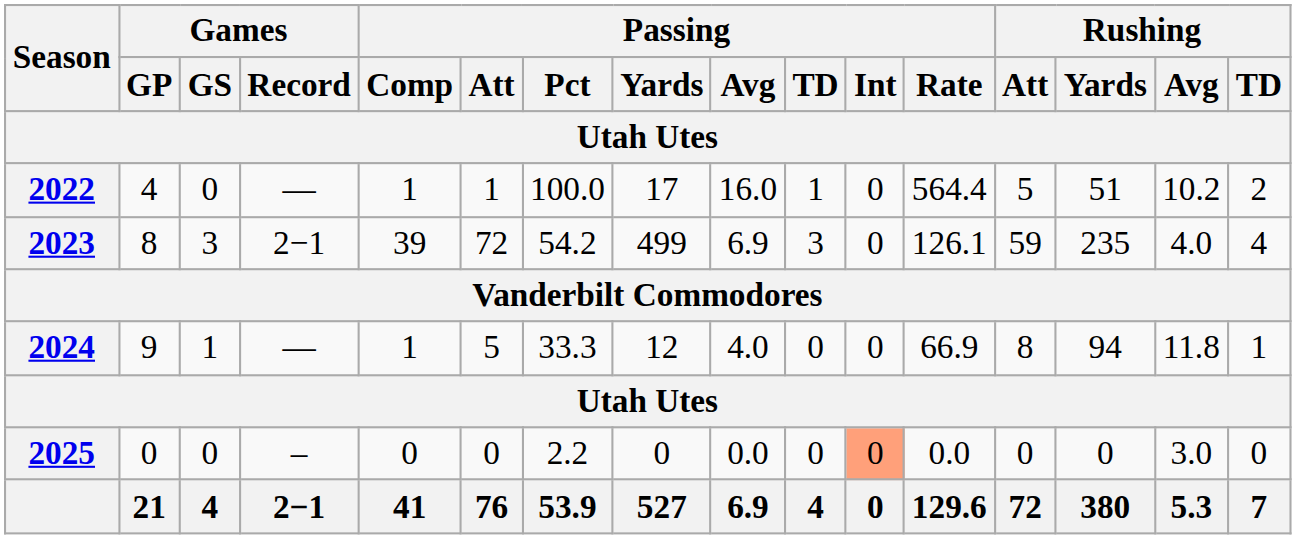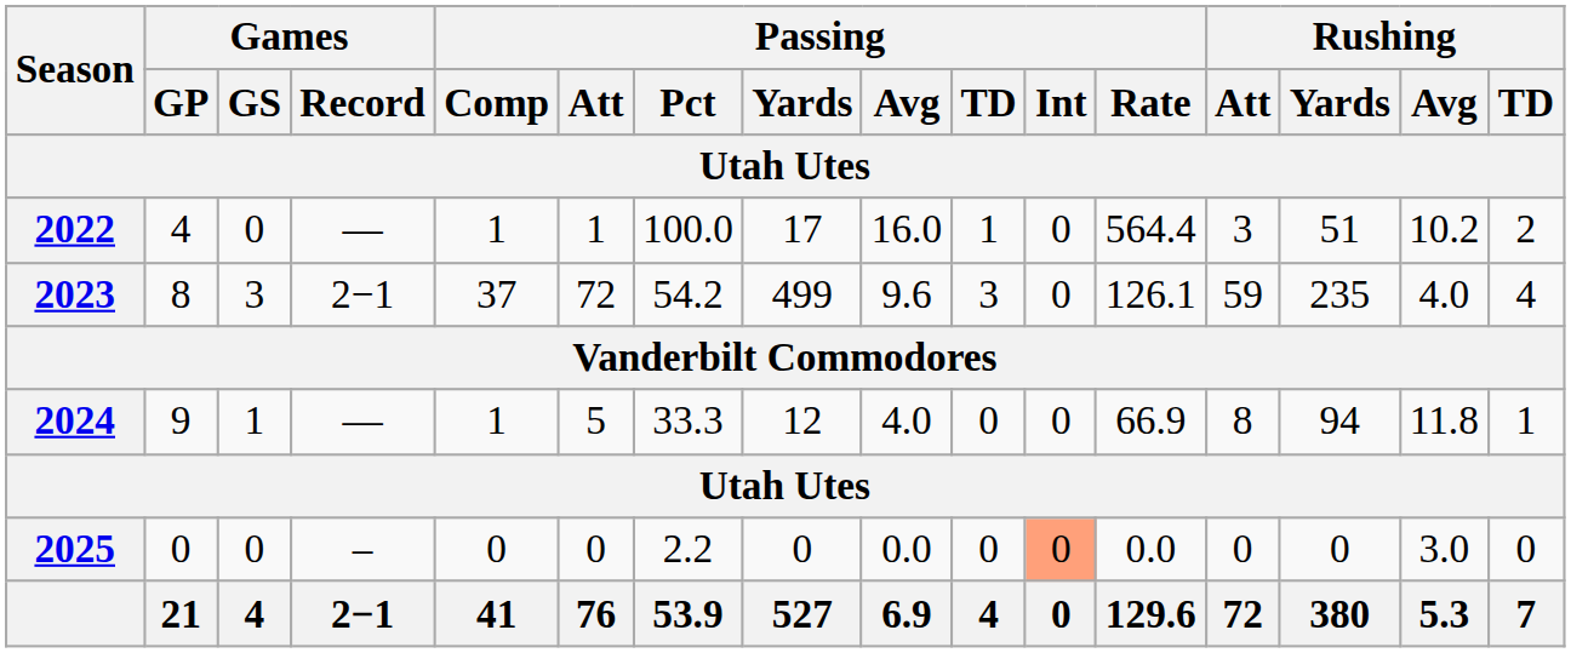 <table class="wikitable" style="text-align:center;">
 <tr>
 <th rowspan="2">Season</th>
 <th colspan="3">Games</th>
 <th colspan="8">Passing</th>
 <th colspan="5">Rushing</th>
 </tr>
 <tr>
 <th>GP</th>
 <th>GS</th>
 <th>Record</th>
 <th>Comp</th>
 <th>Att</th>
 <th>Pct</th>
 <th>Yards</th>
 <th>Avg</th>
 <th>TD</th>
 <th>Int</th>
 <th>Rate</th>
 <th>Att</th>
 <th>Yards</th>
 <th>Avg</th>
 <th>TD</th>
 </tr>
 <tr>
 <th colspan="16">Utah Utes</th>
 </tr>
 <tr>
 <th><a href='#'>2022</a></th>
 <td>4</td>
 <td>0</td>
 <td>—</td>
 <td>1</td>
 <td>1</td>
 <td>100.0</td>
 <td>17</td>
 <td>16.0</td>
 <td>1</td>
 <td>0</td>
 <td>564.4</td>
-<td>5</td>
+<td>3</td>
 <td>51</td>
 <td>10.2</td>
 <td>2</td>
 </tr>
 <tr>
 <th><a href='#'>2023</a></th>
 <td>8</td>
 <td>3</td>
 <td>2−1</td>
-<td>39</td>
+<td>37</td>
 <td>72</td>
 <td>54.2</td>
 <td>499</td>
-<td>6.9</td>
+<td>9.6</td>
 <td>3</td>
 <td>0</td>
 <td>126.1</td>
 <td>59</td>
 <td>235</td>
 <td>4.0</td>
 <td>4</td>
 </tr>
 <tr>
 <th colspan="16">Vanderbilt Commodores</th>
 </tr>
 <tr>
 <th><a href='#'>2024</a></th>
 <td>9</td>
 <td>1</td>
 <td>—</td>
 <td>1</td>
 <td>5</td>
 <td>33.3</td>
 <td>12</td>
 <td>4.0</td>
 <td>0</td>
 <td>0</td>
 <td>66.9</td>
 <td>8</td>
 <td>94</td>
 <td>11.8</td>
 <td>1</td>
 </tr>
 <tr>
 <th colspan="16">Utah Utes</th>
 </tr>
 <tr>
 <th><a href='#'>2025</a></th>
 <td>0</td>
 <td>0</td>
 <td>–</td>
 <td>0</td>
 <td>0</td>
 <td>2.2</td>
 <td>0</td>
 <td>0.0</td>
 <td>0</td>
 <td style="background: lightsalmon;">0</td>
 <td>0.0</td>
 <td>0</td>
 <td>0</td>
 <td>3.0</td>
 <td>0</td>
 </tr>
 <tr>
 <th></th>
 <th>21</th>
 <th>4</th>
 <th>2−1</th>
 <th>41</th>
 <th>76</th>
 <th>53.9</th>
 <th>527</th>
 <th>6.9</th>
 <th>4</th>
 <th>0</th>
 <th>129.6</th>
 <th>72</th>
 <th>380</th>
 <th>5.3</th>
 <th>7</th>
 </tr>
 </table>
